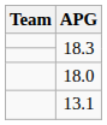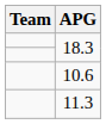 <table class=wikitable>
 <tr>
 <th>Team</th>
 <th>APG</th>
 </tr>
 <tr>
 <td></td>
 <td align=center rowspan=2>18.3</td>
 </tr>
 <tr>
 <td></td>
 </tr>
 <tr>
 <td></td>
-<td align=center>18.0</td>
+<td align=center>10.6</td>
 </tr>
 <tr>
 <td></td>
-<td align=center>13.1</td>
+<td align=center>11.3</td>
 </tr>
 </table>
